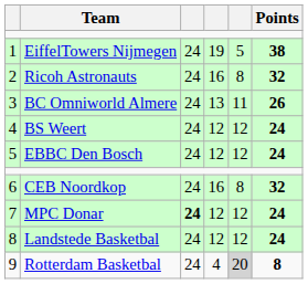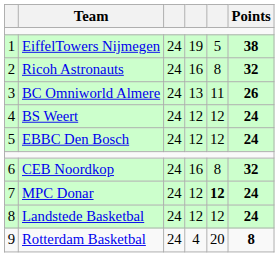 <table class="wikitable sortable" style="text-align: center;">
 <tr>
 <th></th>
 <th>Team</th>
 <th></th>
 <th></th>
 <th></th>
 <th>Points</th>
 </tr>
 <tr>
 <td colspan=6></td>
 </tr>
 <tr style="background:#CCFFCC;">
 <td>1</td>
 <td align=left><a href='#'>EiffelTowers Nijmegen</a></td>
 <td>24</td>
 <td>19</td>
 <td>5</td>
 <td><strong>38</strong></td>
 </tr>
 <tr style="background:#CCFFCC;">
 <td>2</td>
 <td align=left><a href='#'>Ricoh Astronauts</a></td>
 <td>24</td>
 <td>16</td>
 <td>8</td>
 <td><strong>32</strong></td>
 </tr>
 <tr style="background:#CCFFCC;">
 <td>3</td>
 <td align=left><a href='#'>BC Omniworld Almere</a></td>
 <td>24</td>
 <td>13</td>
 <td>11</td>
 <td><strong>26</strong></td>
 </tr>
 <tr style="background:#CCFFCC;">
 <td>4</td>
 <td align=left><a href='#'>BS Weert</a></td>
 <td>24</td>
 <td>12</td>
 <td>12</td>
 <td><strong>24</strong></td>
 </tr>
 <tr style="background:#CCFFCC;">
 <td>5</td>
 <td align=left><a href='#'>EBBC Den Bosch</a></td>
 <td>24</td>
 <td>12</td>
 <td>12</td>
 <td><strong>24</strong></td>
 </tr>
 <tr>
 <td colspan=6></td>
 </tr>
 <tr style="background:#CCFFCC;">
 <td>6</td>
 <td align=left><a href='#'>CEB Noordkop</a></td>
 <td>24</td>
 <td>16</td>
 <td>8</td>
 <td><strong>32</strong></td>
 </tr>
 <tr style="background:#CCFFCC;">
 <td>7</td>
 <td align=left><a href='#'>MPC Donar</a></td>
-<td><strong>24</strong></td>
+<td>24</td>
 <td>12</td>
-<td>12</td>
+<td><strong>12</strong></td>
 <td><strong>24</strong></td>
 </tr>
 <tr style="background:#CCFFCC;">
 <td>8</td>
 <td align=left><a href='#'>Landstede Basketbal</a></td>
 <td>24</td>
 <td>12</td>
 <td>12</td>
 <td><strong>24</strong></td>
 </tr>
 <tr>
 <td>9</td>
 <td align=left><a href='#'>Rotterdam Basketbal</a></td>
 <td>24</td>
 <td>4</td>
-<td style="background: lightgrey;">20</td>
+<td>20</td>
 <td><strong>8</strong></td>
 </tr>
 </table>
